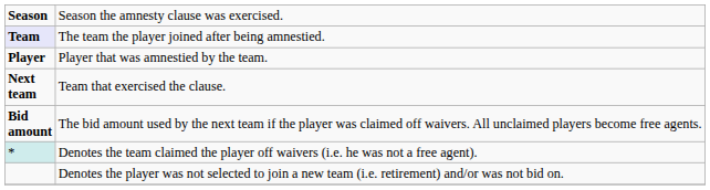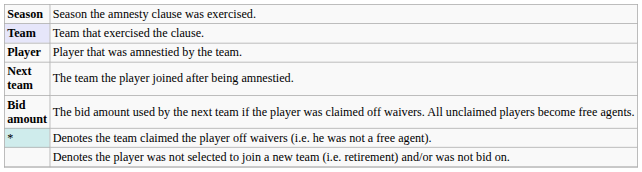 <table class="wikitable">
 <tr>
 <td><strong>Season</strong></td>
 <td>Season the amnesty clause was exercised.</td>
 </tr>
 <tr>
 <td style="background: lavender;"><strong>Team</strong></td>
-<td>The team the player joined after being amnestied.</td>
+<td>Team that exercised the clause.</td>
 </tr>
 <tr>
 <td><strong>Player</strong></td>
 <td>Player that was amnestied by the team.</td>
 </tr>
 <tr>
 <td><strong>Next team</strong></td>
-<td>Team that exercised the clause.</td>
+<td>The team the player joined after being amnestied.</td>
 </tr>
 <tr>
 <td><strong>Bid amount</strong></td>
 <td>The bid amount used by the next team if the player was claimed off waivers. All unclaimed players become free agents.</td>
 </tr>
 <tr>
 <td style="background-color:#CFECEC; border:1px solid #aaaaaa; width:3em">*</td>
 <td>Denotes the team claimed the player off waivers (i.e. he was not a free agent).</td>
 </tr>
 <tr>
 <td></td>
 <td>Denotes the player was not selected to join a new team (i.e. retirement) and/or was not bid on.</td>
 </tr>
 <tr>
 </tr>
 </table>
